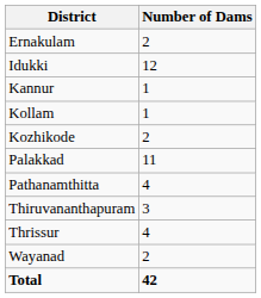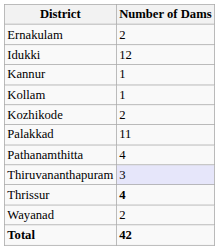 <table class="wikitable sortable">
 <tr>
 <th>District</th>
 <th>Number of Dams</th>
 </tr>
 <tr>
 <td>Ernakulam</td>
 <td>2</td>
 </tr>
 <tr>
 <td>Idukki</td>
 <td>12</td>
 </tr>
 <tr>
 <td>Kannur</td>
 <td>1</td>
 </tr>
 <tr>
 <td>Kollam</td>
 <td>1</td>
 </tr>
 <tr>
 <td>Kozhikode</td>
 <td>2</td>
 </tr>
 <tr>
 <td>Palakkad</td>
 <td>11</td>
 </tr>
 <tr>
 <td>Pathanamthitta</td>
 <td>4</td>
 </tr>
 <tr>
 <td>Thiruvananthapuram</td>
-<td>3</td>
+<td style="background: lavender;">3</td>
 </tr>
 <tr>
 <td>Thrissur</td>
-<td>4</td>
+<td><strong>4</strong></td>
 </tr>
 <tr>
 <td>Wayanad</td>
 <td>2</td>
 </tr>
 <tr>
 <td><strong>Total</strong></td>
 <td><strong>42</strong></td>
 </tr>
 </table>
